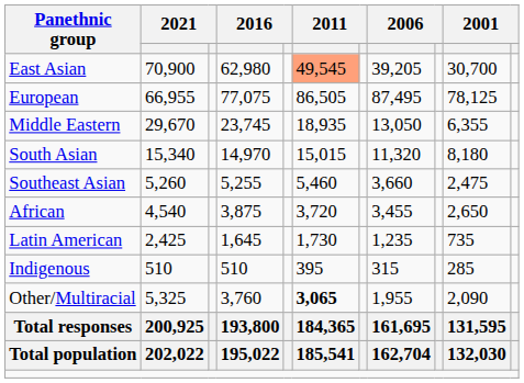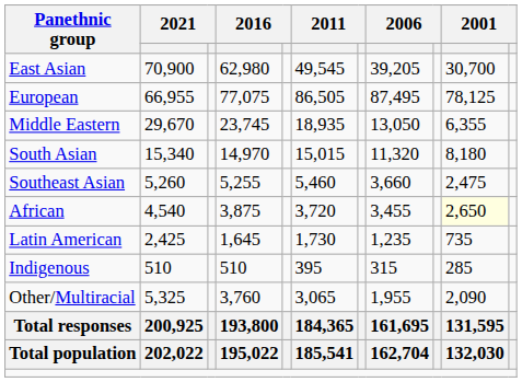 <table class="wikitable collapsible sortable">
 <tr>
 <th rowspan="2"><a href='#'>Panethnic</a><br>group</th>
 <th colspan="2">2021</th>
 <th colspan="2">2016</th>
 <th colspan="2">2011</th>
 <th colspan="2">2006</th>
 <th colspan="2">2001</th>
 </tr>
 <tr>
 <th><a href='#'></a></th>
 <th></th>
 <th></th>
 <th></th>
 <th></th>
 <th></th>
 <th></th>
 <th></th>
 <th></th>
 <th></th>
 </tr>
 <tr>
 <td><a href='#'>East Asian</a></td>
 <td>70,900</td>
 <td></td>
 <td>62,980</td>
 <td></td>
-<td style="background: lightsalmon;">49,545</td>
+<td>49,545</td>
 <td></td>
 <td>39,205</td>
 <td></td>
 <td>30,700</td>
 <td></td>
 </tr>
 <tr>
 <td><a href='#'>European</a></td>
 <td>66,955</td>
 <td></td>
 <td>77,075</td>
 <td></td>
 <td>86,505</td>
 <td></td>
 <td>87,495</td>
 <td></td>
 <td>78,125</td>
 <td></td>
 </tr>
 <tr>
 <td><a href='#'>Middle Eastern</a></td>
 <td>29,670</td>
 <td></td>
 <td>23,745</td>
 <td></td>
 <td>18,935</td>
 <td></td>
 <td>13,050</td>
 <td></td>
 <td>6,355</td>
 <td></td>
 </tr>
 <tr>
 <td><a href='#'>South Asian</a></td>
 <td>15,340</td>
 <td></td>
 <td>14,970</td>
 <td></td>
 <td>15,015</td>
 <td></td>
 <td>11,320</td>
 <td></td>
 <td>8,180</td>
 <td></td>
 </tr>
 <tr>
 <td><a href='#'>Southeast Asian</a></td>
 <td>5,260</td>
 <td></td>
 <td>5,255</td>
 <td></td>
 <td>5,460</td>
 <td></td>
 <td>3,660</td>
 <td></td>
 <td>2,475</td>
 <td></td>
 </tr>
 <tr>
 <td><a href='#'>African</a></td>
 <td>4,540</td>
 <td></td>
 <td>3,875</td>
 <td></td>
 <td>3,720</td>
 <td></td>
 <td>3,455</td>
 <td></td>
-<td>2,650</td>
+<td style="background: lightyellow;">2,650</td>
 <td></td>
 </tr>
 <tr>
 <td><a href='#'>Latin American</a></td>
 <td>2,425</td>
 <td></td>
 <td>1,645</td>
 <td></td>
 <td>1,730</td>
 <td></td>
 <td>1,235</td>
 <td></td>
 <td>735</td>
 <td></td>
 </tr>
 <tr>
 <td><a href='#'>Indigenous</a></td>
 <td>510</td>
 <td></td>
 <td>510</td>
 <td></td>
 <td>395</td>
 <td></td>
 <td>315</td>
 <td></td>
 <td>285</td>
 <td></td>
 </tr>
 <tr>
 <td>Other/<a href='#'>Multiracial</a></td>
 <td>5,325</td>
 <td></td>
 <td>3,760</td>
 <td></td>
-<td><strong>3,065</strong></td>
+<td>3,065</td>
 <td></td>
 <td>1,955</td>
 <td></td>
 <td>2,090</td>
 <td></td>
 </tr>
 <tr>
 <th>Total responses</th>
 <th>200,925</th>
 <th></th>
 <th>193,800</th>
 <th></th>
 <th>184,365</th>
 <th></th>
 <th>161,695</th>
 <th></th>
 <th>131,595</th>
 <th></th>
 </tr>
 <tr>
 <th>Total population</th>
 <th>202,022</th>
 <th></th>
 <th>195,022</th>
 <th></th>
 <th>185,541</th>
 <th></th>
 <th>162,704</th>
 <th></th>
 <th>132,030</th>
 <th></th>
 </tr>
 <tr class="sortbottom">
 <td colspan="15"></td>
 </tr>
 </table>
